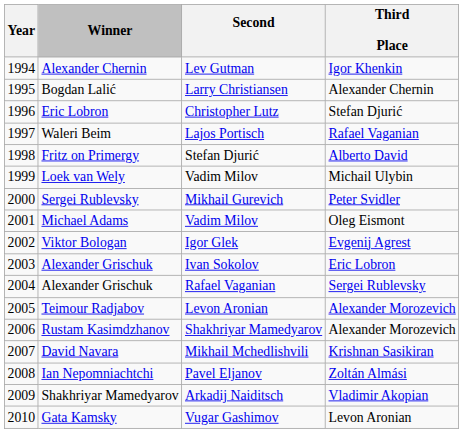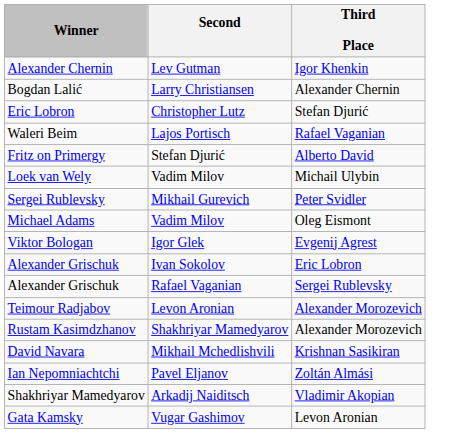 <table class="wikitable" style="margin-bottom: 10px;">
 <tr>
-<th style="background-image: initial; background-position: initial; background-size: initial; background-repeat: initial; background-attachment: initial; background-origin: initial; background-clip: initial;">Year</th>
 <th style="background:#C0C0C0">Winner</th>
 <th style="background-image: initial; background-position: initial; background-size: initial; background-repeat: initial; background-attachment: initial; background-origin: initial; background-clip: initial;">Second<br><br></th>
 <th style="background-image: initial; background-position: initial; background-size: initial; background-repeat: initial; background-attachment: initial; background-origin: initial; background-clip: initial;">Third<br><br>Place</th>
 </tr>
 <tr>
-<td>1994</td>
 <td><a href='#'>Alexander Chernin</a></td>
 <td><a href='#'>Lev Gutman</a></td>
 <td><a href='#'>Igor Khenkin</a></td>
 </tr>
 <tr>
-<td>1995</td>
 <td>Bogdan Lalić</td>
 <td><a href='#'>Larry Christiansen</a></td>
 <td>Alexander Chernin</td>
 </tr>
 <tr>
-<td>1996</td>
 <td><a href='#'>Eric Lobron</a></td>
 <td><a href='#'>Christopher Lutz</a></td>
 <td>Stefan Djurić</td>
 </tr>
 <tr>
-<td>1997</td>
 <td>Waleri Beim</td>
 <td><a href='#'>Lajos Portisch</a></td>
 <td><a href='#'>Rafael Vaganian</a></td>
 </tr>
 <tr>
-<td>1998</td>
 <td><a href='#'>Fritz on Primergy</a></td>
 <td>Stefan Djurić</td>
 <td><a href='#'>Alberto David</a></td>
 </tr>
 <tr>
-<td>1999</td>
 <td><a href='#'>Loek van Wely</a></td>
 <td>Vadim Milov</td>
 <td>Michail Ulybin</td>
 </tr>
 <tr>
-<td>2000</td>
 <td><a href='#'>Sergei Rublevsky</a></td>
 <td><a href='#'>Mikhail Gurevich</a></td>
 <td><a href='#'>Peter Svidler</a></td>
 </tr>
 <tr>
-<td>2001</td>
 <td><a href='#'>Michael Adams</a></td>
 <td><a href='#'>Vadim Milov</a></td>
 <td>Oleg Eismont</td>
 </tr>
 <tr>
-<td>2002</td>
 <td><a href='#'>Viktor Bologan</a></td>
 <td><a href='#'>Igor Glek</a></td>
 <td><a href='#'>Evgenij Agrest</a></td>
 </tr>
 <tr>
-<td>2003</td>
 <td><a href='#'>Alexander Grischuk</a></td>
 <td><a href='#'>Ivan Sokolov</a></td>
 <td><a href='#'>Eric Lobron</a></td>
 </tr>
 <tr>
-<td>2004</td>
 <td>Alexander Grischuk</td>
 <td><a href='#'>Rafael Vaganian</a></td>
 <td><a href='#'>Sergei Rublevsky</a></td>
 </tr>
 <tr>
-<td>2005</td>
 <td><a href='#'>Teimour Radjabov</a></td>
 <td><a href='#'>Levon Aronian</a></td>
 <td><a href='#'>Alexander Morozevich</a></td>
 </tr>
 <tr>
-<td>2006</td>
 <td><a href='#'>Rustam Kasimdzhanov</a></td>
 <td><a href='#'>Shakhriyar Mamedyarov</a></td>
 <td>Alexander Morozevich</td>
 </tr>
 <tr>
-<td>2007</td>
 <td><a href='#'>David Navara</a></td>
 <td><a href='#'>Mikhail Mchedlishvili</a></td>
 <td><a href='#'>Krishnan Sasikiran</a></td>
 </tr>
 <tr>
-<td>2008</td>
 <td><a href='#'>Ian Nepomniachtchi</a></td>
 <td><a href='#'>Pavel Eljanov</a></td>
 <td><a href='#'>Zoltán Almási</a></td>
 </tr>
 <tr>
-<td>2009</td>
 <td>Shakhriyar Mamedyarov</td>
 <td><a href='#'>Arkadij Naiditsch</a></td>
 <td><a href='#'>Vladimir Akopian</a></td>
 </tr>
 <tr>
-<td>2010</td>
 <td><a href='#'>Gata Kamsky</a></td>
 <td><a href='#'>Vugar Gashimov</a></td>
 <td>Levon Aronian</td>
 </tr>
 </table>
